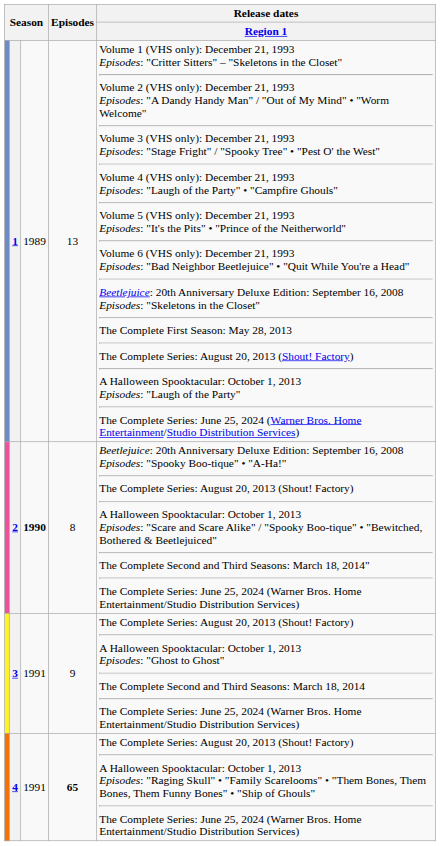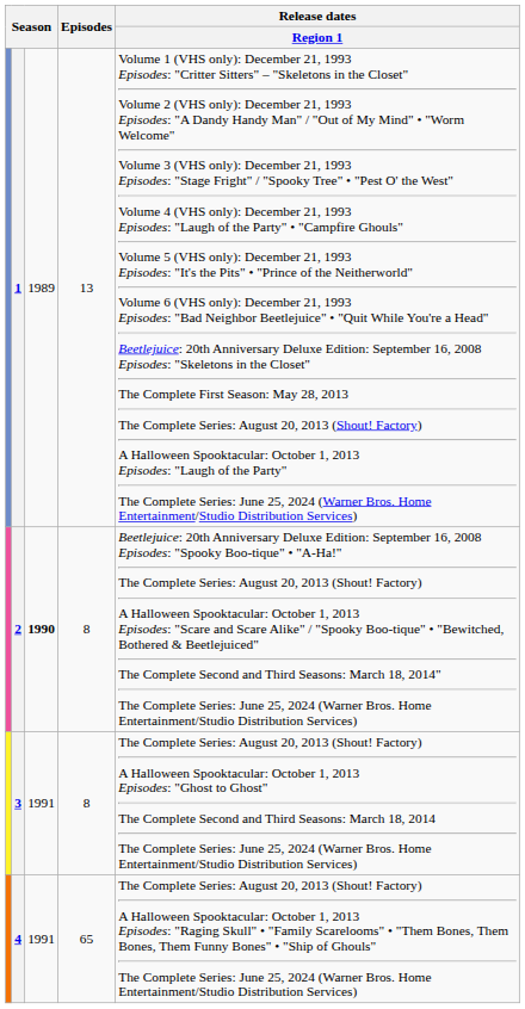 <table class="wikitable">
 <tr>
 <th colspan=3 rowspan=2>Season</th>
 <th rowspan=2>Episodes</th>
 <th>Release dates</th>
 </tr>
 <tr>
 <th><a href='#'>Region 1</a></th>
 </tr>
 <tr>
 <th style="background:#6d8bc9"></th>
 <th style="text-align: center"><strong><a href='#'>1</a></strong></th>
 <td style="text-align: center">1989</td>
 <td style="text-align: center">13</td>
 <td>Volume 1 (VHS only): December 21, 1993<br><em>Episodes</em>: "Critter Sitters" – "Skeletons in the Closet"<hr>Volume 2 (VHS only): December 21, 1993<br><em>Episodes</em>: "A Dandy Handy Man" / "Out of My Mind" • "Worm Welcome"<hr>Volume 3 (VHS only): December 21, 1993<br><em>Episodes</em>: "Stage Fright" / "Spooky Tree" • "Pest O' the West"<hr>Volume 4 (VHS only): December 21, 1993<br><em>Episodes</em>: "Laugh of the Party" • "Campfire Ghouls"<hr>Volume 5 (VHS only): December 21, 1993<br><em>Episodes</em>: "It's the Pits" • "Prince of the Neitherworld"<hr>Volume 6 (VHS only): December 21, 1993<br><em>Episodes</em>: "Bad Neighbor Beetlejuice" • "Quit While You're a Head"<hr><em><a href='#'>Beetlejuice</a></em>: 20th Anniversary Deluxe Edition: September 16, 2008<br><em>Episodes</em>: "Skeletons in the Closet"<hr>The Complete First Season: May 28, 2013<hr>The Complete Series: August 20, 2013 (<a href='#'>Shout! Factory</a>)<hr>A Halloween Spooktacular: October 1, 2013<br><em>Episodes</em>: "Laugh of the Party"<hr>The Complete Series: June 25, 2024 (<a href='#'>Warner Bros. Home Entertainment</a>/<a href='#'>Studio Distribution Services</a>)</td>
 </tr>
 <tr>
 <th style="background:#ef519c"></th>
 <th style="text-align: center"><strong><a href='#'>2</a></strong></th>
 <td style="text-align: center"><strong>1990</strong></td>
 <td style="text-align: center">8</td>
 <td><em>Beetlejuice</em>: 20th Anniversary Deluxe Edition: September 16, 2008<br><em>Episodes</em>: "Spooky Boo-tique" • "A-Ha!"<hr>The Complete Series: August 20, 2013 (Shout! Factory)<hr>A Halloween Spooktacular: October 1, 2013<br><em>Episodes</em>: "Scare and Scare Alike" / "Spooky Boo-tique" • "Bewitched, Bothered & Beetlejuiced"<hr>The Complete Second and Third Seasons: March 18, 2014"<hr>The Complete Series: June 25, 2024  (Warner Bros. Home Entertainment/Studio Distribution Services)</td>
 </tr>
 <tr>
 <th style="background:#fff328"></th>
 <th style="text-align: center"><strong><a href='#'>3</a></strong></th>
 <td style="text-align: center">1991</td>
-<td style="text-align: center">9</td>
+<td style="text-align: center">8</td>
 <td>The Complete Series: August 20, 2013 (Shout! Factory)<hr>A Halloween Spooktacular: October 1, 2013<br><em>Episodes</em>: "Ghost to Ghost"<hr>The Complete Second and Third Seasons: March 18, 2014<hr>The Complete Series: June 25, 2024 (Warner Bros. Home Entertainment/Studio Distribution Services)</td>
 </tr>
 <tr>
 <th style="background:#f47105"></th>
 <th style="text-align: center"><strong><a href='#'>4</a></strong></th>
 <td style="text-align: center">1991</td>
-<td style="text-align: center"><strong>65</strong></td>
+<td style="text-align: center">65</td>
 <td>The Complete Series: August 20, 2013 (Shout! Factory)<hr>A Halloween Spooktacular: October 1, 2013<br><em>Episodes</em>: "Raging Skull" • "Family Scarelooms" • "Them Bones, Them Bones, Them Funny Bones" • "Ship of Ghouls"<hr>The Complete Series: June 25, 2024 (Warner Bros. Home Entertainment/Studio Distribution Services)</td>
 </tr>
 </table>
